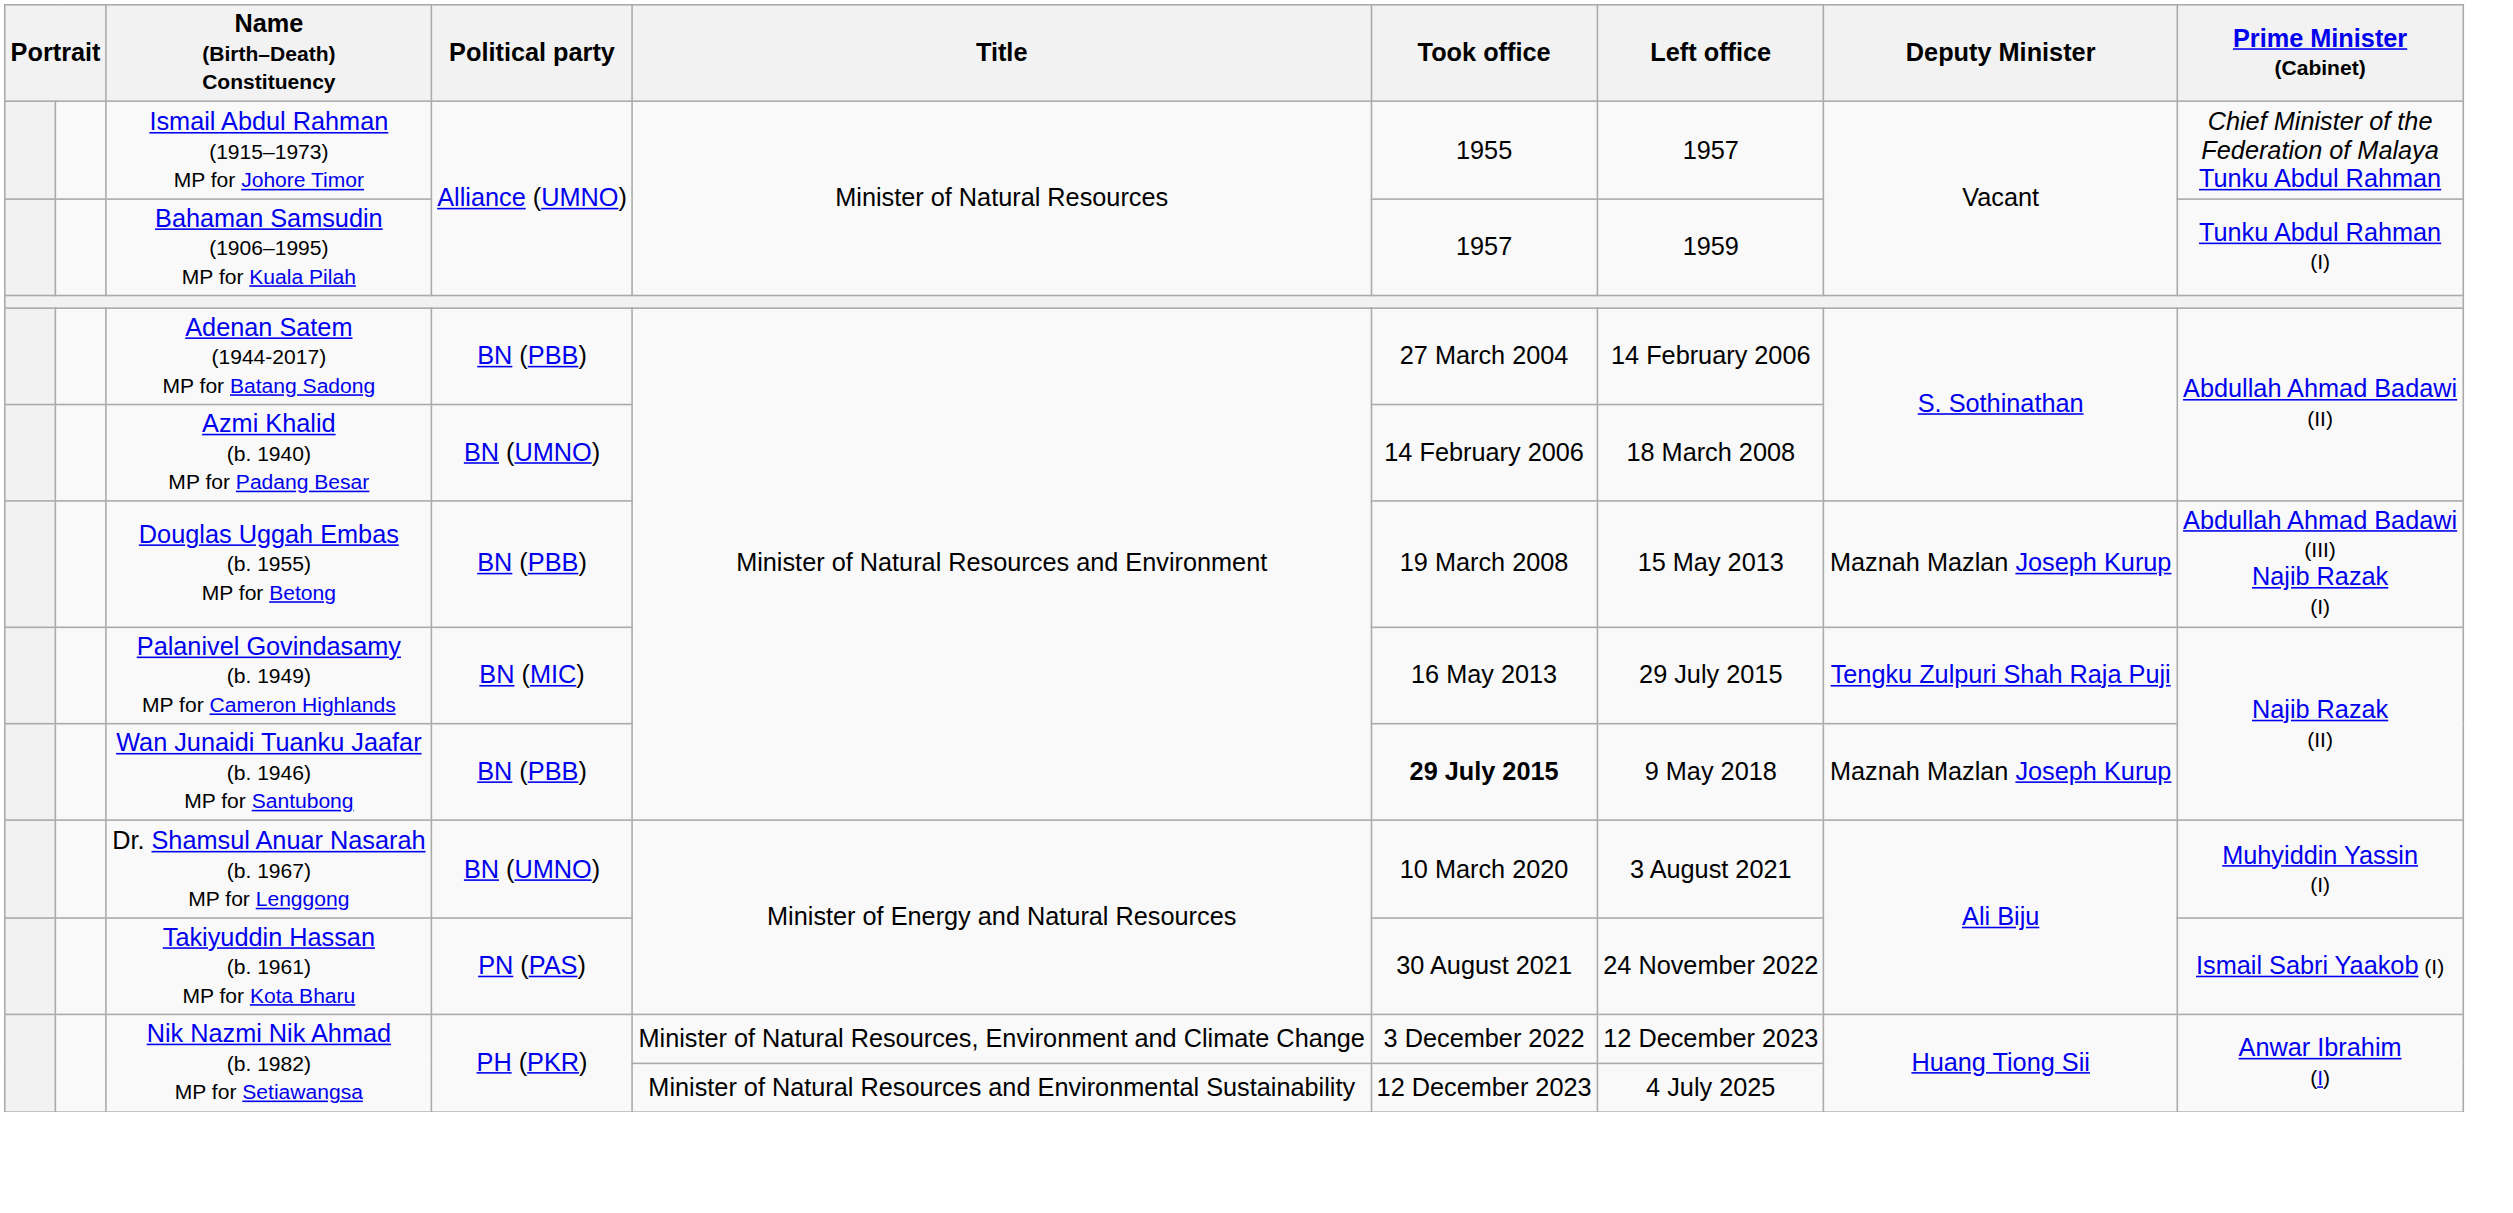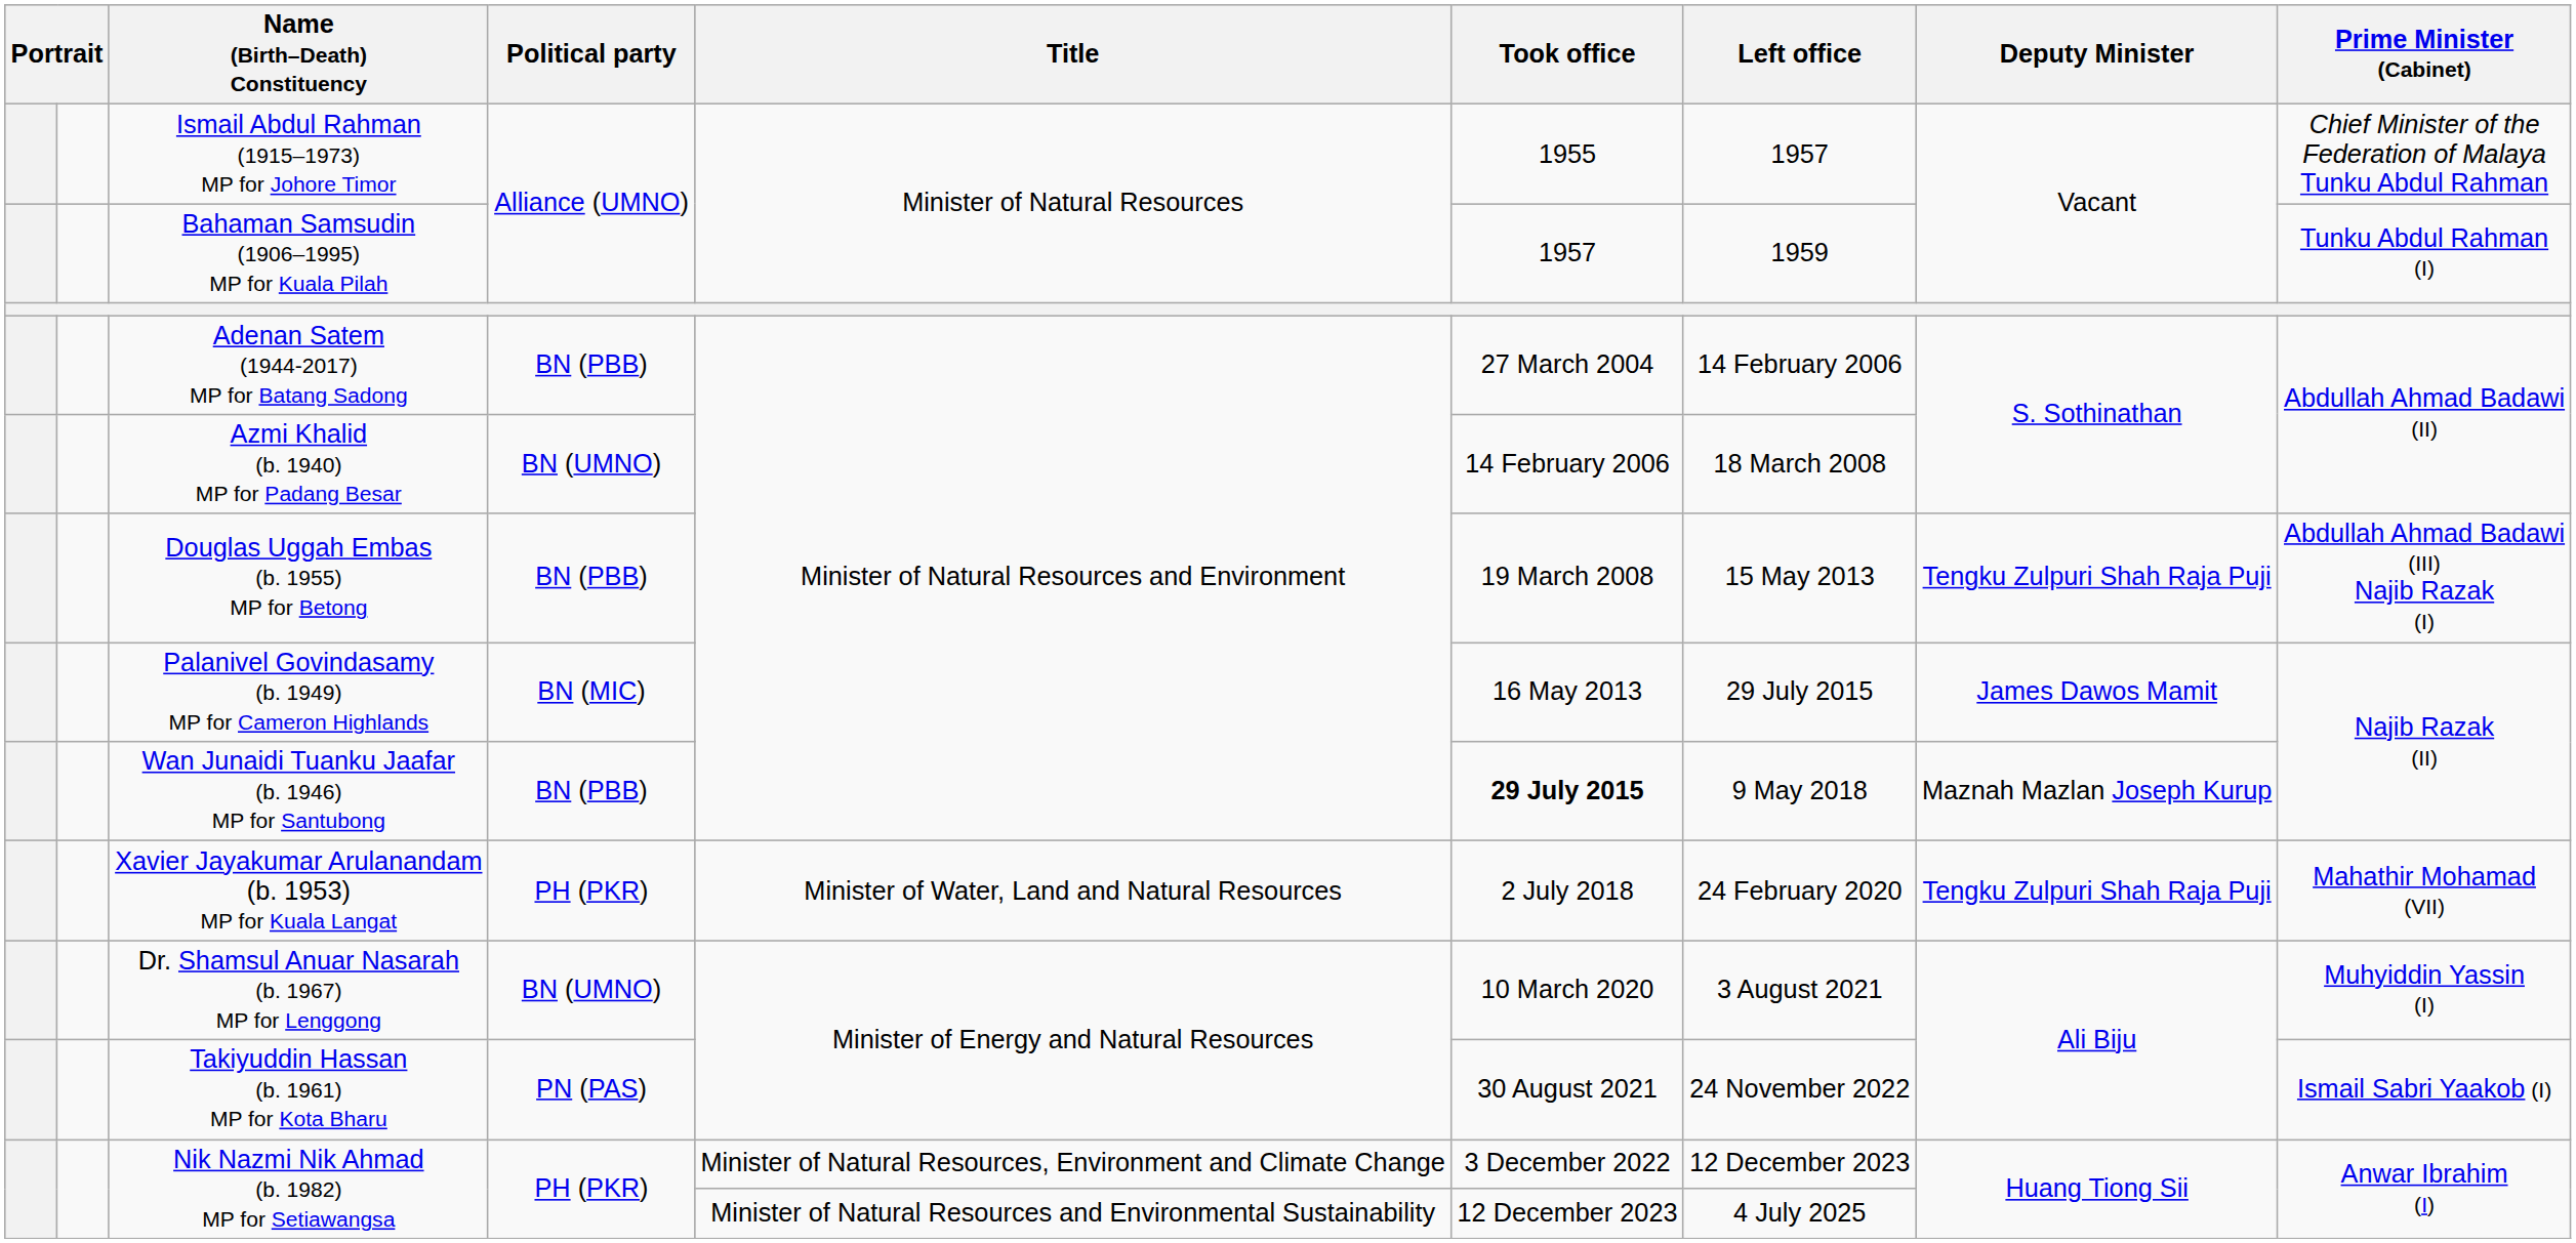 <table class="wikitable" style="text-align:center;">
 <tr>
 <th colspan=2>Portrait</th>
 <th>Name<br><small>(Birth–Death)<br>Constituency</small></th>
 <th>Political party</th>
 <th>Title</th>
 <th>Took office</th>
 <th>Left office</th>
 <th>Deputy Minister</th>
 <th><a href='#'>Prime Minister</a><br><small>(Cabinet)</small></th>
 </tr>
 <tr>
 <th style="background:"></th>
 <td></td>
 <td><a href='#'>Ismail Abdul Rahman</a><br><small>(1915–1973)<br>MP for <a href='#'>Johore Timor</a></small></td>
 <td rowspan=2><a href='#'>Alliance</a> (<a href='#'>UMNO</a>)</td>
 <td rowspan=2>Minister of Natural Resources</td>
 <td>1955</td>
 <td>1957</td>
 <td rowspan="2">Vacant</td>
 <td><em>Chief Minister of the <br>Federation of Malaya</em><br><a href='#'>Tunku Abdul Rahman</a></td>
 </tr>
 <tr>
 <th style="background:"></th>
 <td></td>
 <td><a href='#'>Bahaman Samsudin</a><br><small>(1906–1995)<br>MP for <a href='#'>Kuala Pilah</a></small></td>
 <td>1957</td>
 <td>1959</td>
 <td><a href='#'>Tunku Abdul Rahman</a><br><small>(I)</small></td>
 </tr>
 <tr>
 <th colspan="9" bgcolor="cccccc"></th>
 </tr>
 <tr>
 <th style="background:"></th>
 <td></td>
 <td><a href='#'>Adenan Satem</a><br><small>(1944-2017)<br>MP for <a href='#'>Batang Sadong</a></small></td>
 <td><a href='#'>BN</a> (<a href='#'>PBB</a>)</td>
 <td rowspan=5>Minister of Natural Resources and Environment</td>
 <td>27 March 2004</td>
 <td>14 February 2006</td>
 <td rowspan="2"><a href='#'>S. Sothinathan</a></td>
 <td rowspan="2"><a href='#'>Abdullah Ahmad Badawi</a><br><small>(II)</small></td>
 </tr>
 <tr>
 <th style="background:"></th>
 <td></td>
 <td><a href='#'>Azmi Khalid</a><br><small>(b. 1940)<br>MP for <a href='#'>Padang Besar</a></small></td>
 <td><a href='#'>BN</a> (<a href='#'>UMNO</a>)</td>
 <td>14 February 2006</td>
 <td>18 March 2008</td>
 </tr>
 <tr>
 <th style="background:"></th>
 <td></td>
 <td><a href='#'>Douglas Uggah Embas</a><br><small>(b. 1955)<br>MP for <a href='#'>Betong</a></small></td>
 <td><a href='#'>BN</a> (<a href='#'>PBB</a>)</td>
 <td>19 March 2008</td>
 <td>15 May 2013</td>
-<td>Maznah Mazlan  <a href='#'>Joseph Kurup</a> </td>
+<td><a href='#'>Tengku Zulpuri Shah Raja Puji</a></td>
 <td><a href='#'>Abdullah Ahmad Badawi</a><br><small>(III)</small><br><a href='#'>Najib Razak</a><br><small>(I)</small></td>
 </tr>
 <tr>
 <th style="background:"></th>
 <td></td>
 <td><a href='#'>Palanivel Govindasamy</a><br><small>(b. 1949)<br>MP for <a href='#'>Cameron Highlands</a></small></td>
 <td><a href='#'>BN</a> (<a href='#'>MIC</a>)</td>
 <td>16 May 2013</td>
 <td>29 July 2015</td>
-<td><a href='#'>Tengku Zulpuri Shah Raja Puji</a></td>
+<td><a href='#'>James Dawos Mamit</a></td>
 <td rowspan="2"><a href='#'>Najib Razak</a><br><small>(II)</small></td>
 </tr>
 <tr>
 <th style="background:"></th>
 <td></td>
 <td><a href='#'>Wan Junaidi Tuanku Jaafar</a><br><small>(b. 1946)<br>MP for <a href='#'>Santubong</a></small></td>
 <td><a href='#'>BN</a> (<a href='#'>PBB</a>)</td>
 <td><strong>29 July 2015</strong></td>
 <td>9 May 2018</td>
 <td>Maznah Mazlan  <a href='#'>Joseph Kurup</a> </td>
+</tr>
+<tr>
+<th style="background:"></th>
+<td></td>
+<td><a href='#'>Xavier Jayakumar Arulanandam</a><br>(b. 1953)<small> <br>MP for <a href='#'>Kuala Langat</a></small></td>
+<td><a href='#'>PH</a> (<a href='#'>PKR</a>)</td>
+<td>Minister of Water, Land and Natural Resources</td>
+<td>2 July 2018</td>
+<td>24 February 2020</td>
+<td><a href='#'>Tengku Zulpuri Shah Raja Puji</a></td>
+<td><a href='#'>Mahathir Mohamad</a><br><small>(VII)</small></td>
 </tr>
 <tr>
 <th style="background:"></th>
 <td></td>
 <td>Dr. <a href='#'>Shamsul Anuar Nasarah</a><br><small>(b. 1967)<br>MP for <a href='#'>Lenggong</a></small></td>
 <td><a href='#'>BN</a> (<a href='#'>UMNO</a>)</td>
 <td rowspan=2>Minister of Energy and Natural Resources</td>
 <td>10 March 2020</td>
 <td>3 August 2021</td>
 <td rowspan="2"><a href='#'>Ali Biju</a></td>
 <td><a href='#'>Muhyiddin Yassin</a><br><small>(I)</small></td>
 </tr>
 <tr>
 <th style="background:"></th>
 <td></td>
 <td><a href='#'>Takiyuddin Hassan</a><br> <small>(b. 1961)</small><br><small>MP for <a href='#'>Kota Bharu</a></small></td>
 <td><a href='#'>PN</a> (<a href='#'>PAS</a>)</td>
 <td>30 August 2021</td>
 <td>24 November 2022</td>
 <td><a href='#'>Ismail Sabri Yaakob</a><small> (I)</small></td>
 </tr>
 <tr>
 <th rowspan=2 style="background:"></th>
 <td rowspan="2"></td>
 <td rowspan="2"><a href='#'>Nik Nazmi Nik Ahmad</a><br><small>(b. 1982)<br>MP for <a href='#'>Setiawangsa</a></small></td>
 <td rowspan="2"><a href='#'>PH</a> (<a href='#'>PKR</a>)</td>
 <td>Minister of Natural Resources, Environment and Climate Change</td>
 <td>3 December 2022</td>
 <td>12 December 2023</td>
 <td rowspan="2"><a href='#'>Huang Tiong Sii</a></td>
 <td rowspan="2"><a href='#'>Anwar Ibrahim</a><br><small>(<a href='#'>I</a>)</small></td>
 </tr>
 <tr>
 <td>Minister of Natural Resources and Environmental Sustainability</td>
 <td>12 December 2023</td>
 <td>4 July 2025</td>
 </tr>
 <tr>
 </tr>
 </table>
